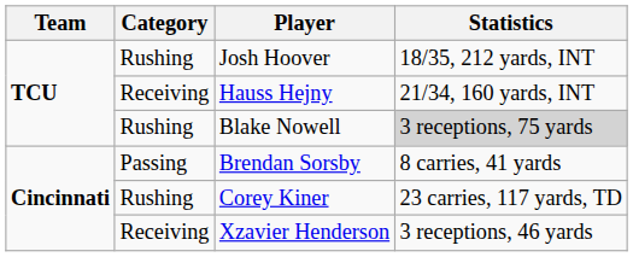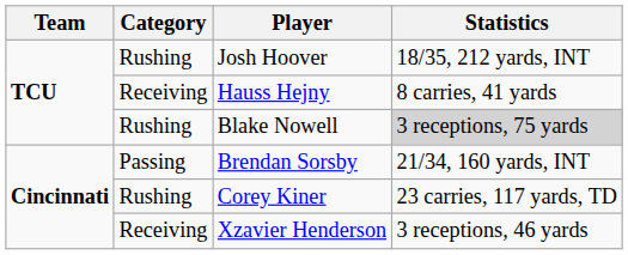 <table class="wikitable" style="float: right;">
 <tr>
 <th>Team</th>
 <th>Category</th>
 <th>Player</th>
 <th>Statistics</th>
 </tr>
 <tr>
 <td rowspan=3><strong>TCU</strong></td>
 <td>Rushing</td>
 <td>Josh Hoover</td>
 <td>18/35, 212 yards, INT</td>
 </tr>
 <tr>
 <td>Receiving</td>
 <td><a href='#'>Hauss Hejny</a></td>
-<td>21/34, 160 yards, INT</td>
+<td>8 carries, 41 yards</td>
 </tr>
 <tr>
 <td>Rushing</td>
 <td>Blake Nowell</td>
 <td style="background: lightgrey;">3 receptions, 75 yards</td>
 </tr>
 <tr>
 <td rowspan=3><strong>Cincinnati</strong></td>
 <td>Passing</td>
 <td><a href='#'>Brendan Sorsby</a></td>
-<td>8 carries, 41 yards</td>
+<td>21/34, 160 yards, INT</td>
 </tr>
 <tr>
 <td>Rushing</td>
 <td><a href='#'>Corey Kiner</a></td>
 <td>23 carries, 117 yards, TD</td>
 </tr>
 <tr>
 <td>Receiving</td>
 <td><a href='#'>Xzavier Henderson</a></td>
 <td>3 receptions, 46 yards</td>
 </tr>
 </table>
